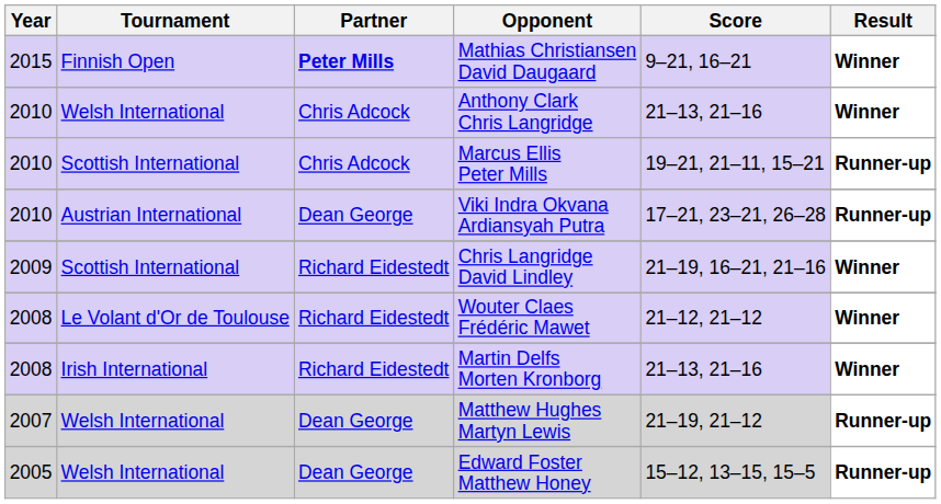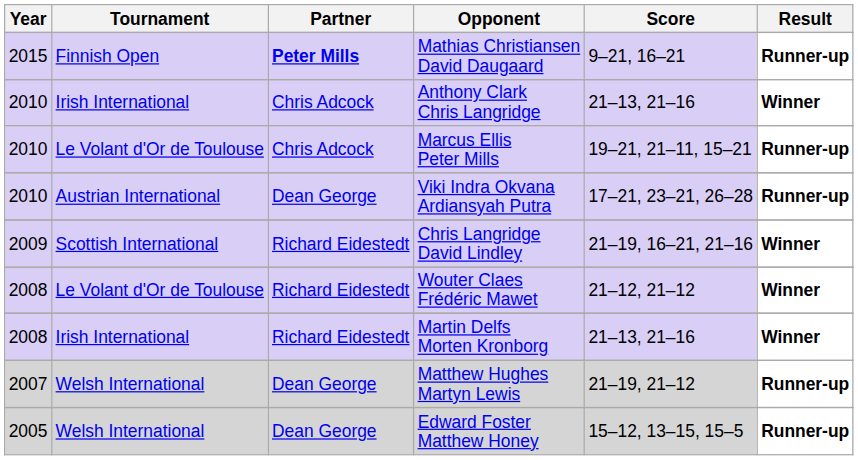 <table class="sortable wikitable" style="font-size: 90%;">
 <tr>
 <th>Year</th>
 <th>Tournament</th>
 <th>Partner</th>
 <th>Opponent</th>
 <th>Score</th>
 <th>Result</th>
 </tr>
 <tr>
 </tr>
 <tr style="background:#D8CEF6">
 <td align="center">2015</td>
 <td align="left"><a href='#'>Finnish Open</a></td>
 <td align="left"><strong> <a href='#'>Peter Mills</a></strong></td>
 <td align="left"> <a href='#'>Mathias Christiansen</a><br> <a href='#'>David Daugaard</a></td>
 <td align="left">9–21, 16–21</td>
-<td style="text-align:left; background:white"> <strong>Winner</strong></td>
+<td style="text-align:left; background:white"> <strong>Runner-up</strong></td>
 </tr>
 <tr>
 </tr>
 <tr style="background:#D8CEF6">
 <td align="center">2010</td>
-<td align="left"><a href='#'>Welsh International</a></td>
+<td align="left"><a href='#'>Irish International</a></td>
 <td align="left"> <a href='#'>Chris Adcock</a></td>
 <td align="left"> <a href='#'>Anthony Clark</a><br> <a href='#'>Chris Langridge</a></td>
 <td align="left">21–13, 21–16</td>
 <td style="text-align:left; background:white"> <strong>Winner</strong></td>
 </tr>
 <tr>
 </tr>
 <tr style="background:#D8CEF6">
 <td align="center">2010</td>
-<td align="left"><a href='#'>Scottish International</a></td>
+<td align="left"><a href='#'>Le Volant d'Or de Toulouse</a></td>
 <td align="left"> <a href='#'>Chris Adcock</a></td>
 <td align="left"> <a href='#'>Marcus Ellis</a><br> <a href='#'>Peter Mills</a></td>
 <td align="left">19–21, 21–11, 15–21</td>
 <td style="text-align:left; background:white"> <strong>Runner-up</strong></td>
 </tr>
 <tr>
 </tr>
 <tr style="background:#D8CEF6">
 <td align="center">2010</td>
 <td align="left"><a href='#'>Austrian International</a></td>
 <td align="left"> <a href='#'>Dean George</a></td>
 <td align="left"> <a href='#'>Viki Indra Okvana</a><br> <a href='#'>Ardiansyah Putra</a></td>
 <td align="left">17–21, 23–21, 26–28</td>
 <td style="text-align:left; background:white"> <strong>Runner-up</strong></td>
 </tr>
 <tr>
 </tr>
 <tr style="background:#D8CEF6">
 <td align="center">2009</td>
 <td align="left"><a href='#'>Scottish International</a></td>
 <td align="left"> <a href='#'>Richard Eidestedt</a></td>
 <td align="left"> <a href='#'>Chris Langridge</a><br> <a href='#'>David Lindley</a></td>
 <td align="left">21–19, 16–21, 21–16</td>
 <td style="text-align:left; background:white"> <strong>Winner</strong></td>
 </tr>
 <tr>
 </tr>
 <tr style="background:#D8CEF6">
 <td align="center">2008</td>
 <td align="left"><a href='#'>Le Volant d'Or de Toulouse</a></td>
 <td align="left"> <a href='#'>Richard Eidestedt</a></td>
 <td align="left"> <a href='#'>Wouter Claes</a><br> <a href='#'>Frédéric Mawet</a></td>
 <td align="left">21–12, 21–12</td>
 <td style="text-align:left; background:white"> <strong>Winner</strong></td>
 </tr>
 <tr>
 </tr>
 <tr style="background:#D8CEF6">
 <td align="center">2008</td>
 <td align="left"><a href='#'>Irish International</a></td>
 <td align="left"> <a href='#'>Richard Eidestedt</a></td>
 <td align="left"> <a href='#'>Martin Delfs</a><br> <a href='#'>Morten Kronborg</a></td>
 <td align="left">21–13, 21–16</td>
 <td style="text-align:left; background:white"> <strong>Winner</strong></td>
 </tr>
 <tr>
 </tr>
 <tr style="background:#D5D5D5">
 <td align="center">2007</td>
 <td align="left"><a href='#'>Welsh International</a></td>
 <td align="left"> <a href='#'>Dean George</a></td>
 <td align="left"> <a href='#'>Matthew Hughes</a><br> <a href='#'>Martyn Lewis</a></td>
 <td align="left">21–19, 21–12</td>
 <td style="text-align:left; background:white"> <strong>Runner-up</strong></td>
 </tr>
 <tr>
 </tr>
 <tr style="background:#D5D5D5">
 <td align="center">2005</td>
 <td align="left"><a href='#'>Welsh International</a></td>
 <td align="left"> <a href='#'>Dean George</a></td>
 <td align="left"> <a href='#'>Edward Foster</a><br> <a href='#'>Matthew Honey</a></td>
 <td align="left">15–12, 13–15, 15–5</td>
 <td style="text-align:left; background:white"> <strong>Runner-up</strong></td>
 </tr>
 </table>
